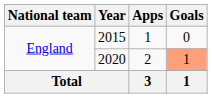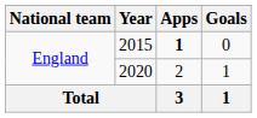 <table class="wikitable" style="text-align: center;">
 <tr>
 <th>National team</th>
 <th>Year</th>
 <th>Apps</th>
 <th>Goals</th>
 </tr>
 <tr>
 <td rowspan="2"><a href='#'>England</a></td>
 <td>2015</td>
-<td>1</td>
+<td><strong>1</strong></td>
 <td>0</td>
 </tr>
 <tr>
 <td>2020</td>
 <td>2</td>
-<td style="background: lightsalmon;">1</td>
+<td>1</td>
 </tr>
 <tr>
 <th colspan="2">Total</th>
 <th>3</th>
 <th>1</th>
 </tr>
 </table>
